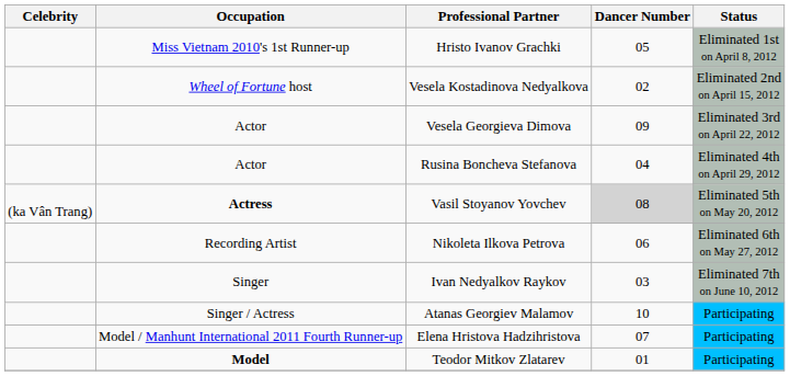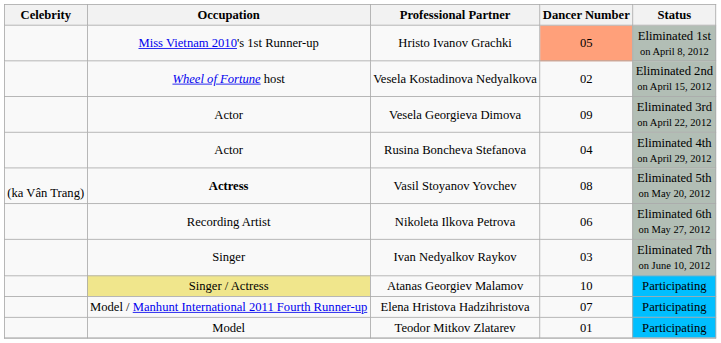 <table class="wikitable sortable" align=center border="2" cellpadding="3" cellspacing="0" style="text-align:center; font-size:95%">
 <tr>
 <th>Celebrity</th>
 <th>Occupation</th>
 <th>Professional Partner</th>
 <th>Dancer Number</th>
 <th>Status</th>
 </tr>
 <tr>
 <td></td>
 <td><a href='#'>Miss Vietnam 2010</a>'s 1st Runner-up</td>
 <td>Hristo Ivanov Grachki</td>
-<td>05</td>
+<td style="background: lightsalmon;">05</td>
 <td bgcolor="#B2BEB5">Eliminated 1st<br><small>on April 8, 2012</small></td>
 </tr>
 <tr>
 <td></td>
 <td><em><a href='#'>Wheel of Fortune</a></em> host</td>
 <td>Vesela Kostadinova Nedyalkova</td>
 <td>02</td>
 <td bgcolor="#B2BEB5">Eliminated 2nd<br><small>on April 15, 2012</small></td>
 </tr>
 <tr>
 <td></td>
 <td>Actor</td>
 <td>Vesela Georgieva Dimova</td>
 <td>09</td>
 <td bgcolor="#B2BEB5">Eliminated 3rd<br><small>on April 22, 2012</small></td>
 </tr>
 <tr>
 <td></td>
 <td>Actor</td>
 <td>Rusina Boncheva Stefanova</td>
 <td>04</td>
 <td bgcolor="B2BEB5">Eliminated 4th<br><small>on April 29, 2012</small></td>
 </tr>
 <tr>
 <td><br> (ka Vân Trang)</td>
 <td><strong>Actress</strong></td>
 <td>Vasil Stoyanov Yovchev</td>
-<td style="background: lightgrey;">08</td>
+<td>08</td>
 <td bgcolor="B2BEB5">Eliminated 5th<br><small>on May 20, 2012</small></td>
 </tr>
 <tr>
 <td></td>
 <td>Recording Artist</td>
 <td>Nikoleta Ilkova Petrova</td>
 <td>06</td>
 <td bgcolor="B2BEB5">Eliminated 6th<br><small>on May 27, 2012</small></td>
 </tr>
 <tr>
 <td></td>
 <td>Singer</td>
 <td>Ivan Nedyalkov Raykov</td>
 <td>03</td>
 <td bgcolor="B2BEB5">Eliminated 7th<br><small>on June 10, 2012</small></td>
 </tr>
 <tr>
 <td></td>
-<td>Singer / Actress</td>
+<td style="background: khaki;">Singer / Actress</td>
 <td>Atanas Georgiev Malamov</td>
 <td>10</td>
 <td bgcolor="deepskyblue">Participating</td>
 </tr>
 <tr>
 <td></td>
 <td>Model / <a href='#'>Manhunt International 2011 Fourth Runner-up</a></td>
 <td>Elena Hristova Hadzihristova</td>
 <td>07</td>
 <td bgcolor="deepskyblue">Participating</td>
 </tr>
 <tr>
 <td></td>
-<td><strong>Model</strong></td>
+<td>Model</td>
 <td>Teodor Mitkov Zlatarev</td>
 <td>01</td>
 <td bgcolor="deepskyblue">Participating</td>
 </tr>
 <tr>
 </tr>
 </table>
